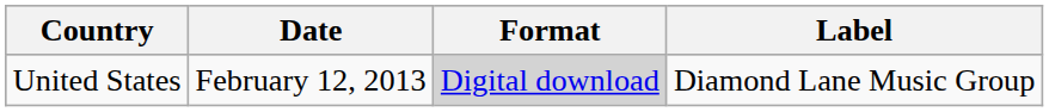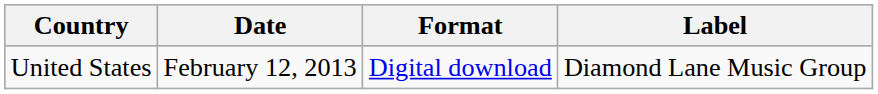 <table class="wikitable">
 <tr>
 <th>Country</th>
 <th>Date</th>
 <th>Format</th>
 <th>Label</th>
 </tr>
 <tr>
 <td rowspan="2">United States</td>
 <td>February 12, 2013</td>
-<td style="background: lightgrey;"><a href='#'>Digital download</a></td>
+<td><a href='#'>Digital download</a></td>
 <td rowspan="2">Diamond Lane Music Group</td>
 </tr>
 </table>
